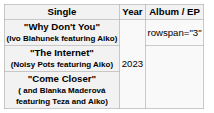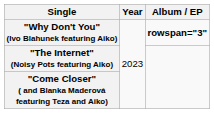 <table class="wikitable plainrowheaders" style="text-align:center;">
 <tr>
 <th scope="col">Single</th>
 <th scope="col">Year</th>
 <th scope="col">Album / EP</th>
 </tr>
 <tr>
 <th scope="row">"Why Don't You"<br><small>(Ivo Blahunek featuring Aiko)</small></th>
 <td rowspan="3">2023</td>
-<td>rowspan="3" </td>
+<td><strong>rowspan="3" </strong></td>
 </tr>
 <tr>
 <th scope="row">"The Internet"<br><small>(Noisy Pots featuring Aiko)</small></th>
 </tr>
 <tr>
 <th scope="row">"Come Closer"<br><small>( and Blanka Maderová<br>featuring Teza and Aiko)</small></th>
 </tr>
 </table>
